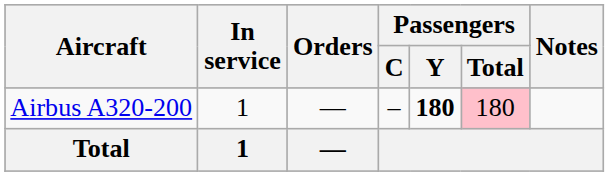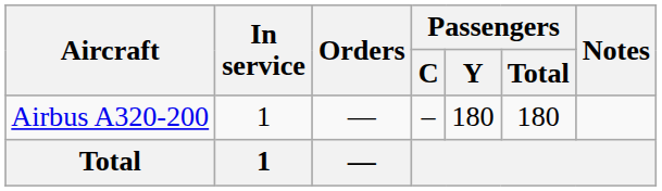 <table class="wikitable" style="margin:0.5em auto; text-align:center">
 <tr>
 <th rowspan=2>Aircraft</th>
 <th rowspan=2>In <br> service</th>
 <th rowspan=2>Orders</th>
 <th colspan=3>Passengers</th>
 <th rowspan=2>Notes</th>
 </tr>
 <tr>
 <th><abbr>C</abbr></th>
 <th><abbr>Y</abbr></th>
 <th>Total</th>
 </tr>
 <tr>
 <td><a href='#'>Airbus A320-200</a></td>
 <td>1</td>
 <td>—</td>
 <td>–</td>
-<td><strong>180</strong></td>
-<td style="background: pink;">180</td>
+<td>180</td>
+<td>180</td>
 <td></td>
 </tr>
 <tr>
 <th>Total</th>
 <th>1</th>
 <th>—</th>
 <th colspan=5></th>
 </tr>
 </table>
